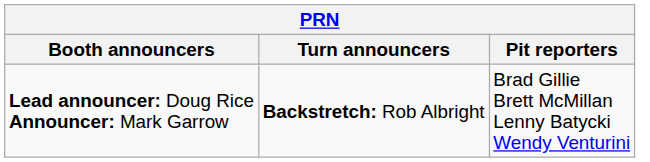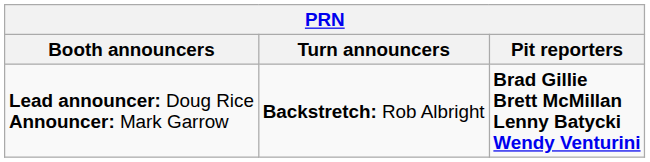 <table class="wikitable" style="font-size: 95%">
 <tr>
 <th colspan="3"><a href='#'>PRN</a></th>
 </tr>
 <tr>
 <th>Booth announcers</th>
 <th>Turn announcers</th>
 <th>Pit reporters</th>
 </tr>
 <tr>
 <td><strong>Lead announcer:</strong> Doug Rice<br><strong>Announcer:</strong> Mark Garrow</td>
 <td><strong>Backstretch:</strong> Rob Albright</td>
-<td>Brad Gillie<br>Brett McMillan<br>Lenny Batycki<br><a href='#'>Wendy Venturini</a></td>
+<td><strong>Brad Gillie<br>Brett McMillan<br>Lenny Batycki<br><a href='#'>Wendy Venturini</a></strong></td>
 </tr>
 </table>
